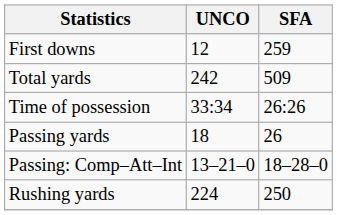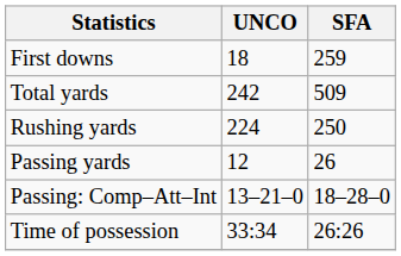 <table class="wikitable" style="float: left;">
 <tr>
 <th>Statistics</th>
 <th>UNCO</th>
 <th>SFA</th>
 </tr>
 <tr>
 <td>First downs</td>
-<td>12</td>
+<td>18</td>
 <td>259</td>
 </tr>
 <tr>
 <td>Total yards</td>
 <td>242</td>
 <td>509</td>
 </tr>
 <tr>
-<td>Time of possession</td>
-<td>33:34</td>
-<td>26:26</td>
+<td>Rushing yards</td>
+<td>224</td>
+<td>250</td>
 </tr>
 <tr>
 <td>Passing yards</td>
-<td>18</td>
+<td>12</td>
 <td>26</td>
 </tr>
 <tr>
 <td>Passing: Comp–Att–Int</td>
 <td>13–21–0</td>
 <td>18–28–0</td>
 </tr>
 <tr>
-<td>Rushing yards</td>
-<td>224</td>
-<td>250</td>
+<td>Time of possession</td>
+<td>33:34</td>
+<td>26:26</td>
 </tr>
 <tr>
 </tr>
 </table>
